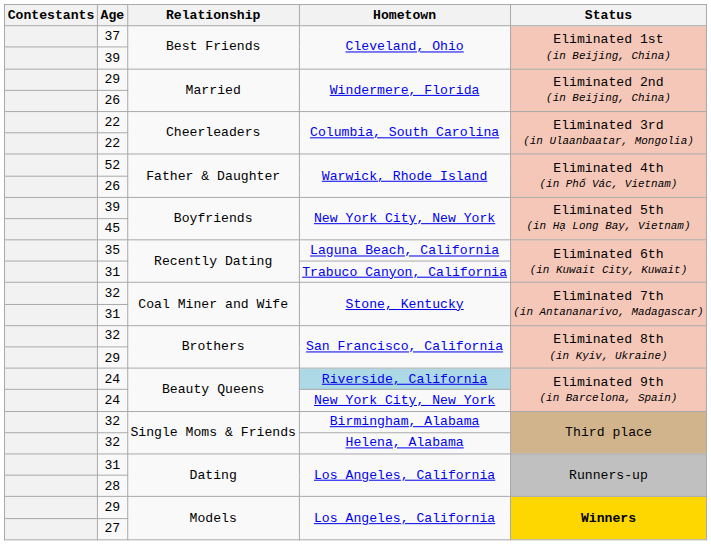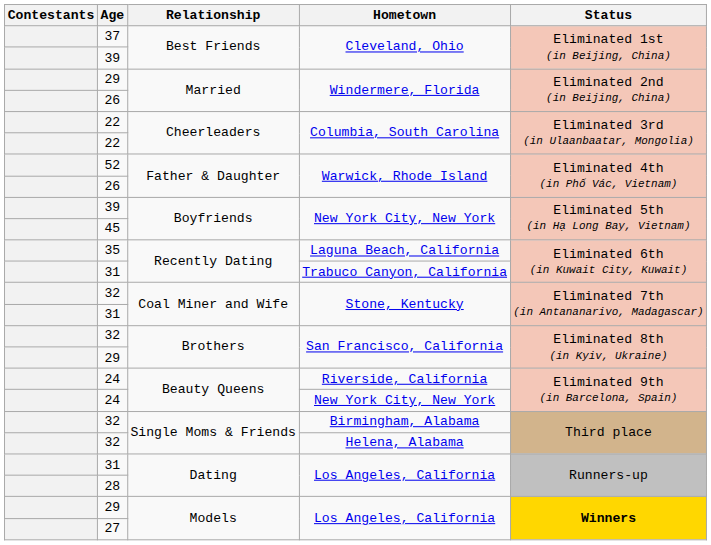 <table class="wikitable sortable" style="text-align:center">
 <tr>
 <th scope="col">Contestants</th>
 <th scope="col">Age</th>
 <th scope="col" class="unsortable">Relationship</th>
 <th class="unsortable" scope="col">Hometown</th>
 <th scope="col">Status</th>
 </tr>
 <tr>
 <th scope="row"></th>
 <td>37</td>
 <td rowspan="2">Best Friends</td>
 <td rowspan="2"><a href='#'>Cleveland, Ohio</a></td>
 <td rowspan="2" bgcolor="f4c7b8">Eliminated 1st<br><small><em>(in Beijing, China)</em></small></td>
 </tr>
 <tr>
 <th scope="row"></th>
 <td>39</td>
 </tr>
 <tr>
 <th scope="row"></th>
 <td>29</td>
 <td rowspan="2">Married</td>
 <td rowspan="2"><a href='#'>Windermere, Florida</a></td>
 <td rowspan="2" bgcolor="f4c7b8">Eliminated 2nd<br><small><em>(in Beijing, China)</em></small></td>
 </tr>
 <tr>
 <th scope="row"></th>
 <td>26</td>
 </tr>
 <tr>
 <th scope="row"></th>
 <td>22</td>
 <td rowspan="2">Cheerleaders</td>
 <td rowspan="2"><a href='#'>Columbia, South Carolina</a></td>
 <td rowspan="2" bgcolor="f4c7b8">Eliminated 3rd<br><small><em>(in Ulaanbaatar, Mongolia)</em></small></td>
 </tr>
 <tr>
 <th scope="row"></th>
 <td>22</td>
 </tr>
 <tr>
 <th scope="row"></th>
 <td>52</td>
 <td rowspan="2">Father & Daughter</td>
 <td rowspan="2"><a href='#'>Warwick, Rhode Island</a></td>
 <td rowspan="2" bgcolor="f4c7b8">Eliminated 4th<br><small><em>(in Phố Vác, Vietnam)</em></small></td>
 </tr>
 <tr>
 <th scope="row"></th>
 <td>26</td>
 </tr>
 <tr>
 <th scope="row"></th>
 <td>39</td>
 <td rowspan="2">Boyfriends</td>
 <td rowspan="2"><a href='#'>New York City, New York</a></td>
 <td rowspan="2" bgcolor="f4c7b8">Eliminated 5th<br><small><em>(in Hạ Long Bay, Vietnam)</em></small></td>
 </tr>
 <tr>
 <th scope="row"></th>
 <td>45</td>
 </tr>
 <tr>
 <th scope="row"></th>
 <td>35</td>
 <td rowspan="2">Recently Dating</td>
 <td><a href='#'>Laguna Beach, California</a></td>
 <td rowspan="2" bgcolor="f4c7b8">Eliminated 6th<br><small><em>(in Kuwait City, Kuwait)</em></small></td>
 </tr>
 <tr>
 <th scope="row"></th>
 <td>31</td>
 <td><a href='#'>Trabuco Canyon, California</a></td>
 </tr>
 <tr>
 <th scope="row"></th>
 <td>32</td>
 <td rowspan="2">Coal Miner and Wife</td>
 <td rowspan="2"><a href='#'>Stone, Kentucky</a></td>
 <td rowspan="2" bgcolor="f4c7b8">Eliminated 7th<br><small><em>(in Antananarivo, Madagascar)</em></small></td>
 </tr>
 <tr>
 <th scope="row"></th>
 <td>31</td>
 </tr>
 <tr>
 <th scope="row"></th>
 <td>32</td>
 <td rowspan="2">Brothers</td>
 <td rowspan="2"><a href='#'>San Francisco, California</a></td>
 <td rowspan="2" bgcolor="f4c7b8">Eliminated 8th<br><small><em>(in Kyiv, Ukraine)</em></small></td>
 </tr>
 <tr>
 <th scope="row"></th>
 <td>29</td>
 </tr>
 <tr>
 <th scope="row"></th>
 <td>24</td>
 <td rowspan="2">Beauty Queens</td>
-<td style="background: lightblue;"><a href='#'>Riverside, California</a></td>
+<td><a href='#'>Riverside, California</a></td>
 <td rowspan="2" bgcolor="f4c7b8">Eliminated 9th<br><small><em>(in Barcelona, Spain)</em></small></td>
 </tr>
 <tr>
 <th scope="row"></th>
 <td>24</td>
 <td><a href='#'>New York City, New York</a></td>
 </tr>
 <tr>
 <th scope="row"></th>
 <td>32</td>
 <td rowspan="2">Single Moms & Friends</td>
 <td><a href='#'>Birmingham, Alabama</a></td>
 <td rowspan="2" bgcolor="tan">Third place</td>
 </tr>
 <tr>
 <th scope="row"></th>
 <td>32</td>
 <td><a href='#'>Helena, Alabama</a></td>
 </tr>
 <tr>
 <th scope="row"></th>
 <td>31</td>
 <td rowspan="2">Dating</td>
 <td rowspan="2"><a href='#'>Los Angeles, California</a></td>
 <td rowspan="2" bgcolor="silver">Runners-up</td>
 </tr>
 <tr>
 <th scope="row"></th>
 <td>28</td>
 </tr>
 <tr>
 <th scope="row"></th>
 <td>29</td>
 <td rowspan="2">Models</td>
 <td rowspan="2"><a href='#'>Los Angeles, California</a></td>
 <td rowspan="2" bgcolor="gold"><strong>Winners</strong></td>
 </tr>
 <tr>
 <th scope="row"></th>
 <td>27</td>
 </tr>
 </table>
